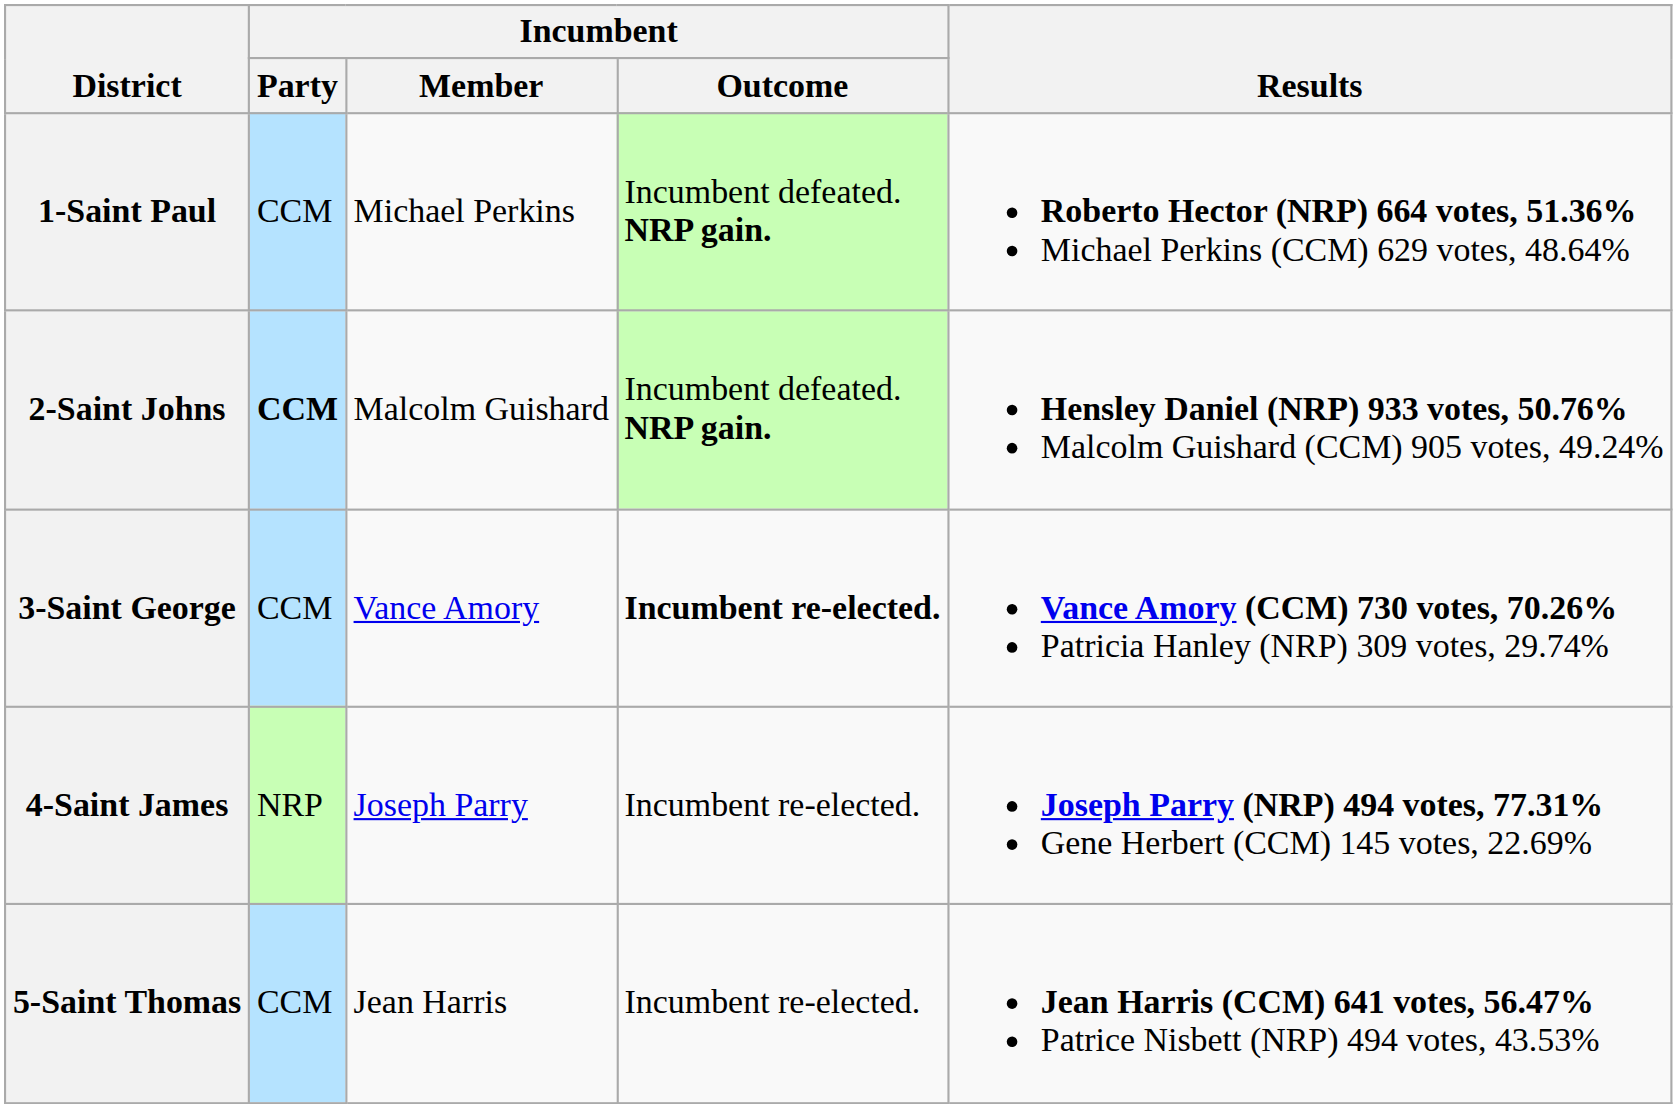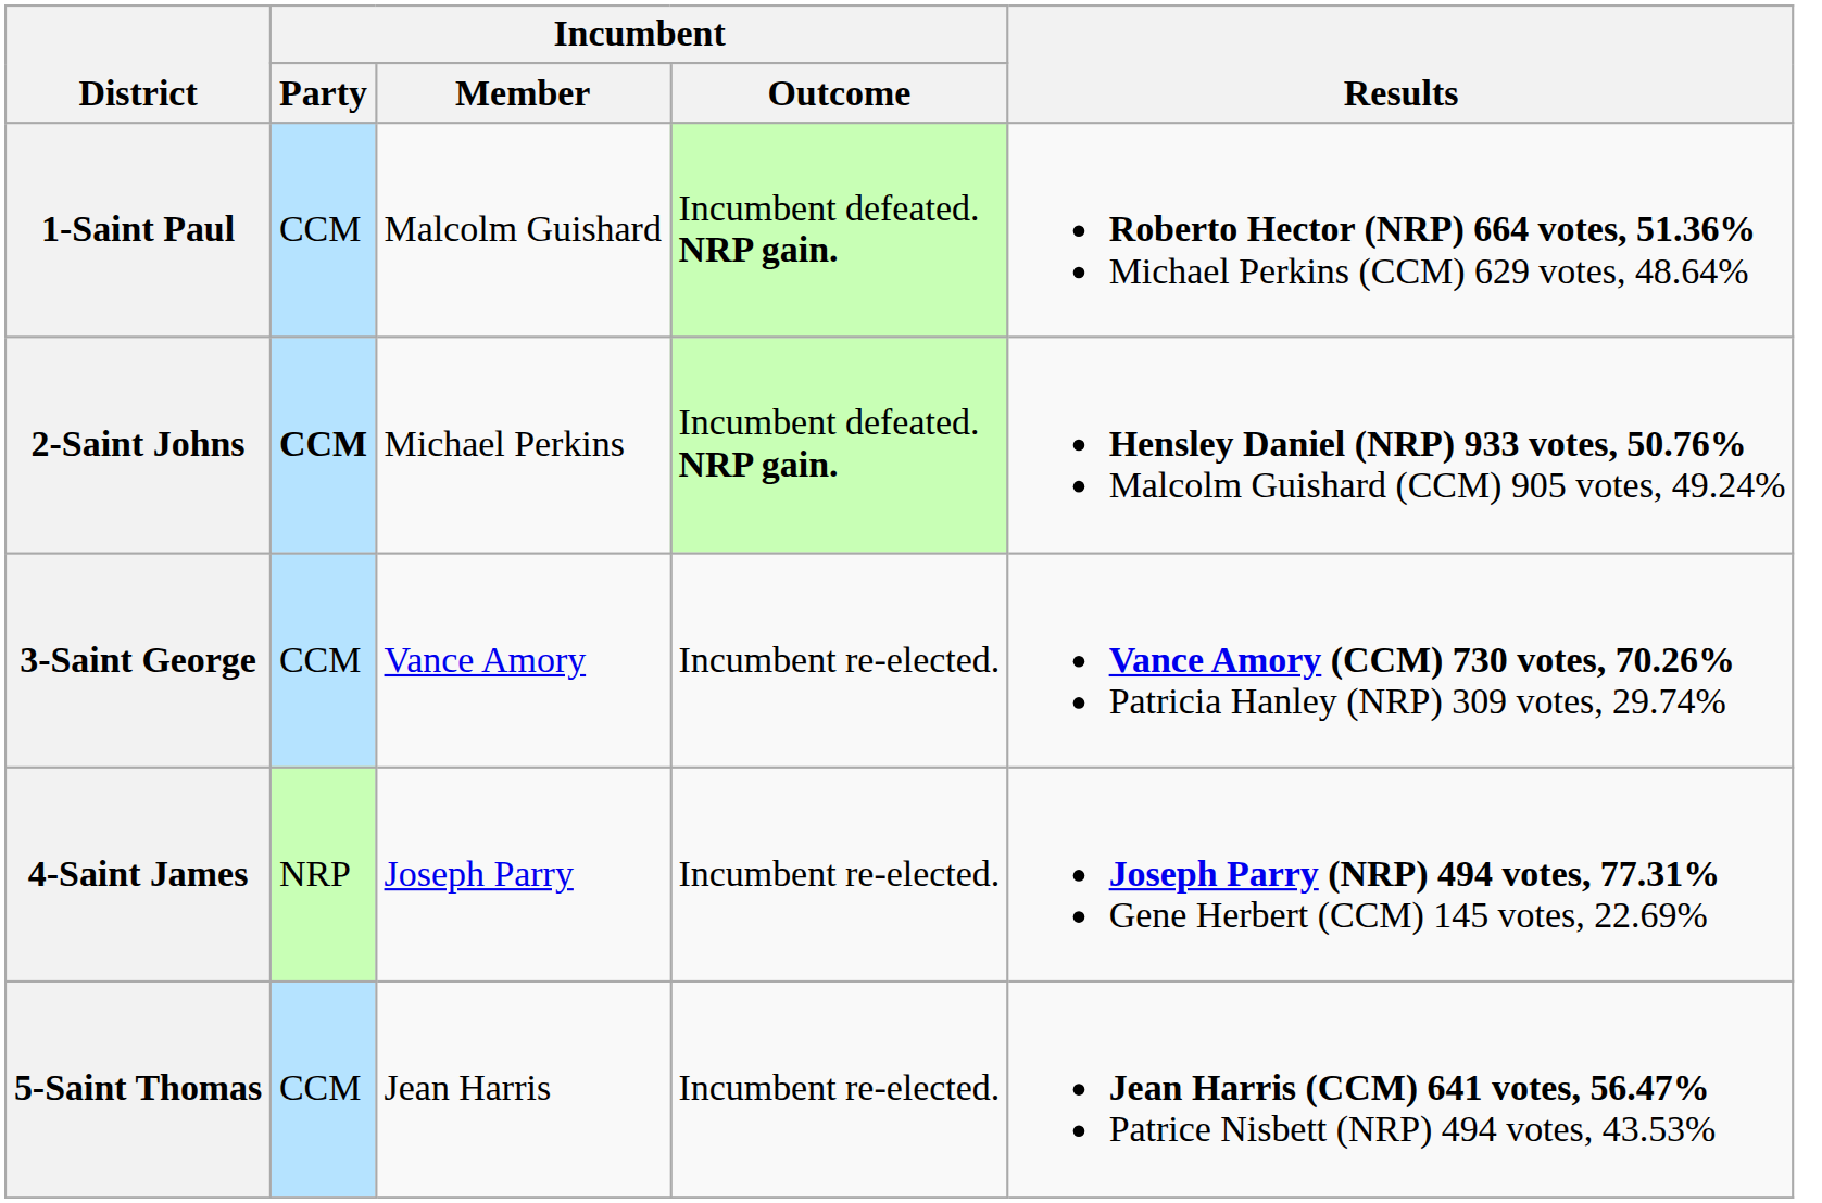 <table class="wikitable sortable">
 <tr valign="bottom">
 <th rowspan="2">District</th>
 <th colspan="3">Incumbent</th>
 <th rowspan="2">Results</th>
 </tr>
 <tr>
 <th>Party</th>
 <th>Member</th>
 <th>Outcome</th>
 </tr>
 <tr>
 <th>1-Saint Paul</th>
 <td style="background:#B5E3FF">CCM</td>
-<td>Michael Perkins</td>
+<td>Malcolm Guishard</td>
 <td style="background:#C8FFB5">Incumbent defeated.<br><strong>NRP gain.</strong></td>
 <td nowrap=""><br><ul><li> <strong>Roberto Hector (NRP) 664 votes, 51.36%</strong></li><li>Michael Perkins (CCM) 629 votes, 48.64%</li></ul></td>
 </tr>
 <tr>
 <th>2-Saint Johns</th>
 <td style="background:#B5E3FF"><strong>CCM</strong></td>
-<td>Malcolm Guishard</td>
+<td>Michael Perkins</td>
 <td style="background:#C8FFB5">Incumbent defeated.<br><strong>NRP gain.</strong></td>
 <td nowrap=""><br><ul><li> <strong>Hensley Daniel (NRP) 933 votes, 50.76%</strong></li><li>Malcolm Guishard (CCM) 905 votes, 49.24%</li></ul></td>
 </tr>
 <tr>
 <th>3-Saint George</th>
 <td style="background:#B5E3FF">CCM</td>
 <td><a href='#'>Vance Amory</a></td>
-<td><strong>Incumbent re-elected.</strong></td>
+<td>Incumbent re-elected.</td>
 <td nowrap=""><br><ul><li> <strong><a href='#'>Vance Amory</a> (CCM) 730 votes, 70.26%</strong></li><li> Patricia Hanley (NRP) 309 votes, 29.74%</li></ul></td>
 </tr>
 <tr>
 <th>4-Saint James</th>
 <td style="background:#C8FFB5">NRP</td>
 <td><a href='#'>Joseph Parry</a></td>
 <td>Incumbent re-elected.</td>
 <td nowrap=""><br><ul><li> <strong><a href='#'>Joseph Parry</a> (NRP) 494 votes, 77.31%</strong></li><li>Gene Herbert (CCM) 145 votes, 22.69%</li></ul></td>
 </tr>
 <tr>
 <th>5-Saint Thomas</th>
 <td style="background:#B5E3FF">CCM</td>
 <td>Jean Harris</td>
 <td>Incumbent re-elected.</td>
 <td nowrap=""><br><ul><li> <strong>Jean Harris (CCM) 641 votes, 56.47%</strong></li><li>Patrice Nisbett (NRP) 494 votes, 43.53%</li></ul></td>
 </tr>
 </table>
